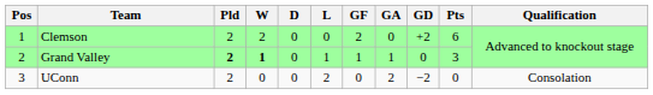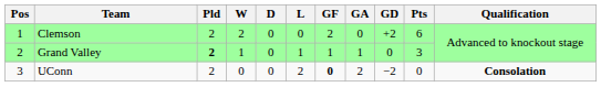 <table class="wikitable" style="text-align:center; margin: 1em auto">
 <tr>
 <th style=width:2em>Pos</th>
 <th style=width:13em>Team</th>
 <th style=width:2em>Pld</th>
 <th style=width:2em>W</th>
 <th style=width:2em>D</th>
 <th style=width:2em>L</th>
 <th style=width:2em>GF</th>
 <th style=width:2em>GA</th>
 <th style=width:2em>GD</th>
 <th style=width:2em>Pts</th>
 <th style=width:13em>Qualification</th>
 </tr>
 <tr bgcolor="#9eff9e">
 <td>1</td>
 <td style="text-align:left">Clemson</td>
 <td>2</td>
 <td>2</td>
 <td>0</td>
 <td>0</td>
 <td>2</td>
 <td>0</td>
 <td>+2</td>
 <td>6</td>
 <td rowspan="2">Advanced to knockout stage</td>
 </tr>
 <tr bgcolor="#9eff9e">
 <td>2</td>
 <td style="text-align:left">Grand Valley</td>
 <td><strong>2</strong></td>
-<td><strong>1</strong></td>
+<td>1</td>
 <td>0</td>
 <td>1</td>
 <td>1</td>
 <td>1</td>
 <td>0</td>
 <td>3</td>
 </tr>
 <tr>
 <td>3</td>
 <td style="text-align:left">UConn</td>
 <td>2</td>
 <td>0</td>
 <td>0</td>
 <td>2</td>
-<td>0</td>
+<td><strong>0</strong></td>
 <td>2</td>
 <td>−2</td>
 <td>0</td>
-<td>Consolation</td>
+<td><strong>Consolation</strong></td>
 </tr>
 </table>
